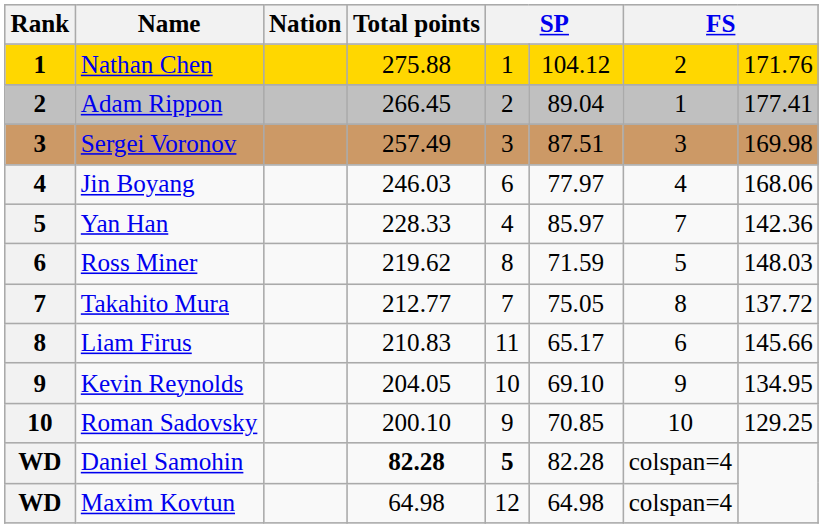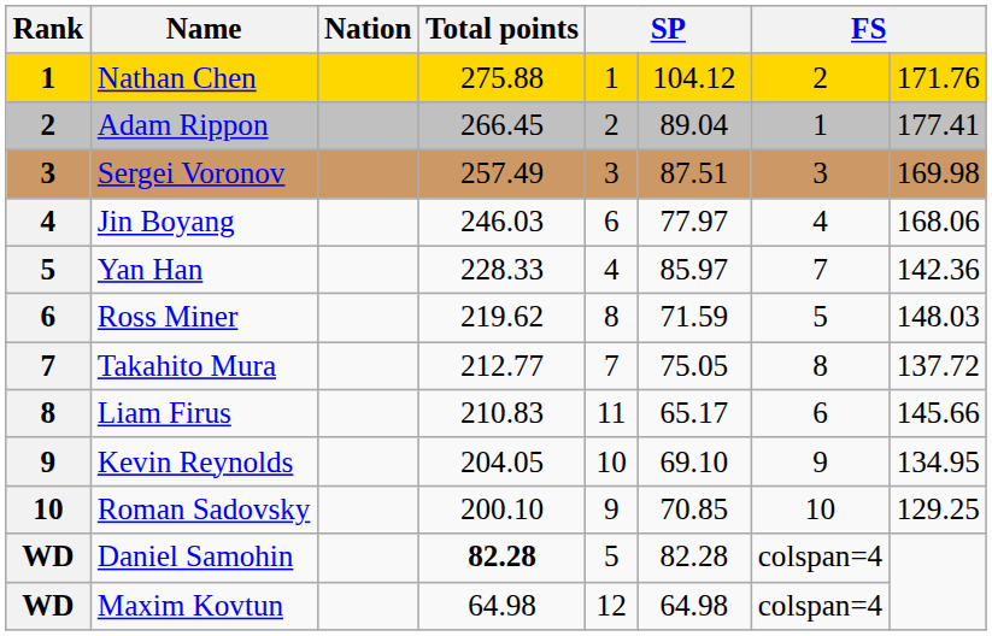 <table class="wikitable sortable">
 <tr>
 <th>Rank</th>
 <th>Name</th>
 <th>Nation</th>
 <th>Total points</th>
 <th colspan="2" width="80px"><a href='#'>SP</a></th>
 <th colspan="2" width="80px"><a href='#'>FS</a></th>
 </tr>
 <tr bgcolor="gold">
 <td align="center"><strong>1</strong></td>
 <td><a href='#'>Nathan Chen</a></td>
 <td></td>
 <td align="center">275.88</td>
 <td align="center">1</td>
 <td align="center">104.12</td>
 <td align="center">2</td>
 <td align="center">171.76</td>
 </tr>
 <tr bgcolor="silver">
 <td align="center"><strong>2</strong></td>
 <td><a href='#'>Adam Rippon</a></td>
 <td></td>
 <td align="center">266.45</td>
 <td align="center">2</td>
 <td align="center">89.04</td>
 <td align="center">1</td>
 <td align="center">177.41</td>
 </tr>
 <tr bgcolor="cc9966">
 <td align="center"><strong>3</strong></td>
 <td><a href='#'>Sergei Voronov</a></td>
 <td></td>
 <td align="center">257.49</td>
 <td align="center">3</td>
 <td align="center">87.51</td>
 <td align="center">3</td>
 <td align="center">169.98</td>
 </tr>
 <tr>
 <th>4</th>
 <td><a href='#'>Jin Boyang</a></td>
 <td></td>
 <td align="center">246.03</td>
 <td align="center">6</td>
 <td align="center">77.97</td>
 <td align="center">4</td>
 <td align="center">168.06</td>
 </tr>
 <tr>
 <th>5</th>
 <td><a href='#'>Yan Han</a></td>
 <td></td>
 <td align="center">228.33</td>
 <td align="center">4</td>
 <td align="center">85.97</td>
 <td align="center">7</td>
 <td align="center">142.36</td>
 </tr>
 <tr>
 <th>6</th>
 <td><a href='#'>Ross Miner</a></td>
 <td></td>
 <td align="center">219.62</td>
 <td align="center">8</td>
 <td align="center">71.59</td>
 <td align="center">5</td>
 <td align="center">148.03</td>
 </tr>
 <tr>
 <th>7</th>
 <td><a href='#'>Takahito Mura</a></td>
 <td></td>
 <td align="center">212.77</td>
 <td align="center">7</td>
 <td align="center">75.05</td>
 <td align="center">8</td>
 <td align="center">137.72</td>
 </tr>
 <tr>
 <th>8</th>
 <td><a href='#'>Liam Firus</a></td>
 <td></td>
 <td align="center">210.83</td>
 <td align="center">11</td>
 <td align="center">65.17</td>
 <td align="center">6</td>
 <td align="center">145.66</td>
 </tr>
 <tr>
 <th>9</th>
 <td><a href='#'>Kevin Reynolds</a></td>
 <td></td>
 <td align="center">204.05</td>
 <td align="center">10</td>
 <td align="center">69.10</td>
 <td align="center">9</td>
 <td align="center">134.95</td>
 </tr>
 <tr>
 <th>10</th>
 <td><a href='#'>Roman Sadovsky</a></td>
 <td></td>
 <td align="center">200.10</td>
 <td align="center">9</td>
 <td align="center">70.85</td>
 <td align="center">10</td>
 <td align="center">129.25</td>
 </tr>
 <tr>
 <th>WD</th>
 <td><a href='#'>Daniel Samohin</a></td>
 <td></td>
 <td align="center"><strong>82.28</strong></td>
-<td align="center"><strong>5</strong></td>
+<td align="center">5</td>
 <td align="center">82.28</td>
 <td>colspan=4 </td>
 </tr>
 <tr>
 <th>WD</th>
 <td><a href='#'>Maxim Kovtun</a></td>
 <td></td>
 <td align="center">64.98</td>
 <td align="center">12</td>
 <td align="center">64.98</td>
 <td>colspan=4 </td>
 </tr>
 </table>
